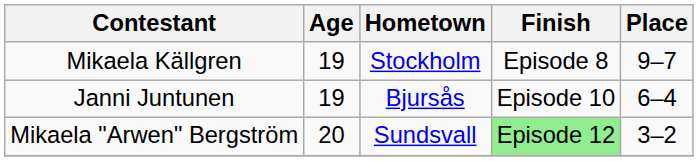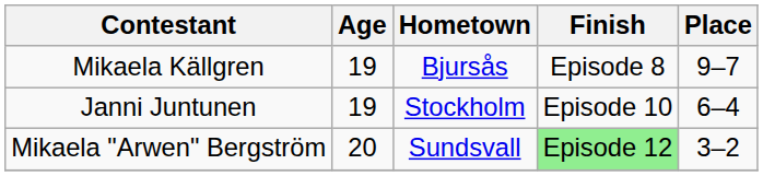 <table class="wikitable" style="text-align:center;">
 <tr>
 <th colspan="1">Contestant</th>
 <th colspan="1">Age</th>
 <th colspan="1">Hometown</th>
 <th>Finish</th>
 <th>Place</th>
 </tr>
 <tr>
 <td>Mikaela Källgren</td>
 <td>19</td>
-<td><a href='#'>Stockholm</a></td>
+<td><a href='#'>Bjursås</a></td>
 <td>Episode 8</td>
 <td>9–7</td>
 </tr>
 <tr>
 <td>Janni Juntunen</td>
 <td>19</td>
-<td><a href='#'>Bjursås</a></td>
+<td><a href='#'>Stockholm</a></td>
 <td>Episode 10</td>
 <td>6–4</td>
 </tr>
 <tr>
 <td>Mikaela "Arwen" Bergström</td>
 <td>20</td>
 <td><a href='#'>Sundsvall</a></td>
 <td style="background: lightgreen;">Episode 12</td>
 <td>3–2</td>
 </tr>
 <tr>
 </tr>
 </table>
